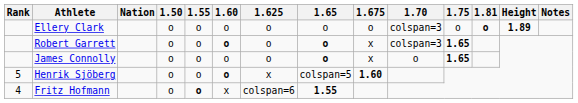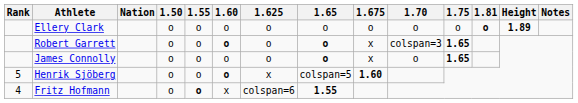 <table class="wikitable sortable" style="text-align:center">
 <tr>
 <th>Rank</th>
 <th>Athlete</th>
 <th>Nation</th>
 <th>1.50</th>
 <th>1.55</th>
 <th>1.60</th>
 <th>1.625</th>
 <th>1.65</th>
 <th>1.675</th>
 <th>1.70</th>
 <th>1.75</th>
 <th>1.81</th>
 <th>Height</th>
 <th>Notes</th>
 </tr>
 <tr>
 <td></td>
 <td align=left><a href='#'>Ellery Clark</a></td>
 <td align=left></td>
 <td>o</td>
 <td>o</td>
 <td>o</td>
 <td>o</td>
 <td>o</td>
 <td>o</td>
-<td>colspan=3 </td>
+<td>o</td>
 <td>o</td>
 <td><strong>o</strong></td>
 <td><strong>1.89</strong></td>
 <td></td>
 </tr>
 <tr>
 <td></td>
 <td align=left><a href='#'>Robert Garrett</a></td>
 <td align=left></td>
 <td>o</td>
 <td>o</td>
 <td><strong>o</strong></td>
 <td>o</td>
 <td><strong>o</strong></td>
 <td>x</td>
 <td>colspan=3 </td>
 <td><strong>1.65</strong></td>
 <td></td>
 </tr>
 <tr>
 <td></td>
 <td align=left><a href='#'>James Connolly</a></td>
 <td align=left></td>
 <td>o</td>
 <td>o</td>
 <td>o</td>
 <td>o</td>
 <td><strong>o</strong></td>
 <td>x</td>
 <td>o</td>
 <td><strong>1.65</strong></td>
 <td></td>
 </tr>
 <tr>
 <td>5</td>
 <td align=left><a href='#'>Henrik Sjöberg</a></td>
 <td align=left></td>
 <td>o</td>
 <td>o</td>
 <td><strong>o</strong></td>
 <td>x</td>
 <td>colspan=5 </td>
 <td><strong>1.60</strong></td>
 <td></td>
 </tr>
 <tr>
 <td>4</td>
 <td align=left><a href='#'>Fritz Hofmann</a></td>
 <td align=left></td>
 <td>o</td>
 <td><strong>o</strong></td>
 <td>x</td>
 <td>colspan=6 </td>
 <td><strong>1.55</strong></td>
 <td></td>
 </tr>
 </table>
